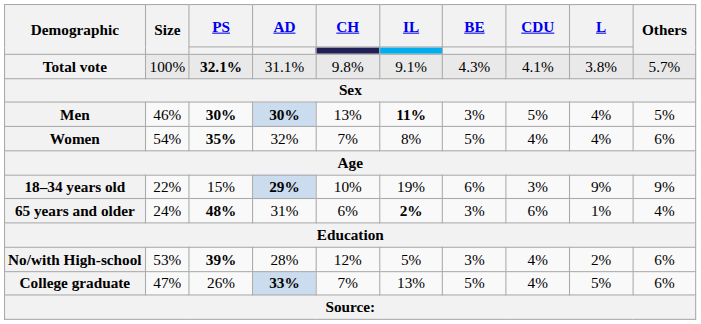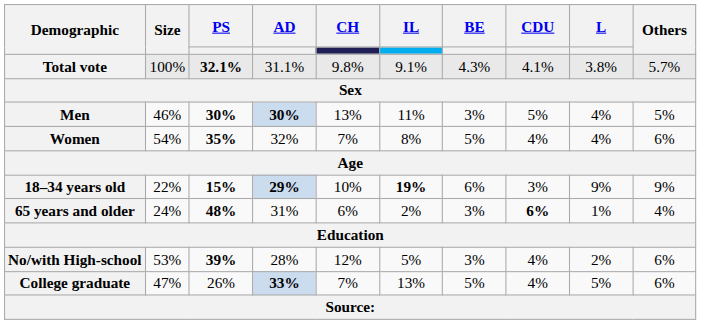 <table class="wikitable" style="text-align:center;font-size:90%;line-height:16px;">
 <tr style="height:40px;">
 <th rowspan="2" colspan="2">Demographic</th>
 <th rowspan="2" style="width:35px;">Size</th>
 <th style="width:53px;"><a href='#'>PS</a></th>
 <th style="width:53px;"><a href='#'>AD</a></th>
 <th style="width:53px;"><a href='#'>CH</a></th>
 <th style="width:53px;"><a href='#'>IL</a></th>
 <th style="width:53px;"><a href='#'>BE</a></th>
 <th style="width:53px;"><a href='#'>CDU</a></th>
 <th style="width:53px;"><a href='#'>L</a></th>
 <th rowspan="2" style="width:53px;">Others</th>
 </tr>
 <tr>
 <th style="color:inherit;background:"></th>
 <th style="color:inherit;background:"></th>
 <th style="color:inherit;background:#202056;"></th>
 <th style="color:inherit;background:#00ADEF;"></th>
 <th style="color:inherit;background:"></th>
 <th style="color:inherit;background:"></th>
 <th class="sortable" style="background:"></th>
 </tr>
 <tr style="background:#E9E9E9;">
 <th colspan="2">Total vote</th>
 <td>100%</td>
 <td><strong>32.1%</strong></td>
 <td>31.1%</td>
 <td>9.8%</td>
 <td>9.1%</td>
 <td>4.3%</td>
 <td>4.1%</td>
 <td>3.8%</td>
 <td>5.7%</td>
 </tr>
 <tr>
 <th colspan="15">Sex</th>
 </tr>
 <tr>
 <th colspan="2">Men</th>
 <td>46%</td>
 <td><strong>30%</strong></td>
 <td style="background:#CBDCEF"><strong>30%</strong></td>
 <td>13%</td>
-<td><strong>11%</strong></td>
+<td>11%</td>
 <td>3%</td>
 <td>5%</td>
 <td>4%</td>
 <td>5%</td>
 </tr>
 <tr>
 <th colspan="2">Women</th>
 <td>54%</td>
 <td><strong>35%</strong></td>
 <td>32%</td>
 <td>7%</td>
 <td>8%</td>
 <td>5%</td>
 <td>4%</td>
 <td>4%</td>
 <td>6%</td>
 </tr>
 <tr>
 <th colspan="15">Age</th>
 </tr>
 <tr>
 <th colspan="2">18–34 years old</th>
 <td>22%</td>
-<td>15%</td>
+<td><strong>15%</strong></td>
 <td style="background:#CBDCEF"><strong>29%</strong></td>
 <td>10%</td>
-<td>19%</td>
+<td><strong>19%</strong></td>
 <td>6%</td>
 <td>3%</td>
 <td>9%</td>
 <td>9%</td>
 </tr>
 <tr>
 <th colspan="2">65 years and older</th>
 <td>24%</td>
 <td><strong>48%</strong></td>
 <td>31%</td>
 <td>6%</td>
-<td><strong>2%</strong></td>
+<td>2%</td>
 <td>3%</td>
-<td>6%</td>
+<td><strong>6%</strong></td>
 <td>1%</td>
 <td>4%</td>
 </tr>
 <tr>
 <th colspan="15">Education</th>
 </tr>
 <tr>
 <th colspan="2">No/with High-school</th>
 <td>53%</td>
 <td><strong>39%</strong></td>
 <td>28%</td>
 <td>12%</td>
 <td>5%</td>
 <td>3%</td>
 <td>4%</td>
 <td>2%</td>
 <td>6%</td>
 </tr>
 <tr>
 <th colspan="2">College graduate</th>
 <td>47%</td>
 <td>26%</td>
 <td style="background:#CBDCEF"><strong>33%</strong></td>
 <td>7%</td>
 <td>13%</td>
 <td>5%</td>
 <td>4%</td>
 <td>5%</td>
 <td>6%</td>
 </tr>
 <tr>
 <th colspan="12">Source: </th>
 </tr>
 </table>
